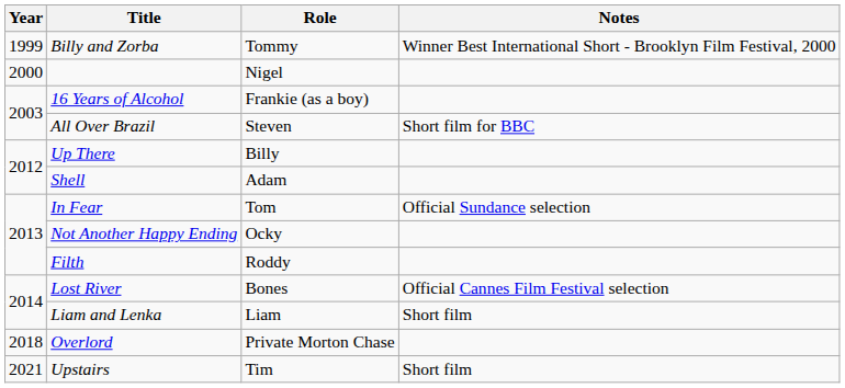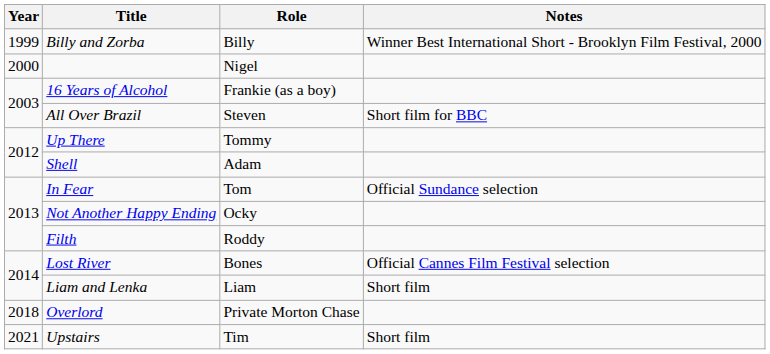 <table class="wikitable">
 <tr>
 <th>Year</th>
 <th>Title</th>
 <th>Role</th>
 <th class="unsortable">Notes</th>
 </tr>
 <tr>
 <td>1999</td>
 <td><em>Billy and Zorba</em></td>
-<td>Tommy</td>
+<td>Billy</td>
 <td Short film for >Winner Best International Short - Brooklyn Film Festival, 2000</td>
 </tr>
 <tr>
 <td>2000</td>
 <td><em></em></td>
 <td>Nigel</td>
 <td></td>
 </tr>
 <tr>
 <td rowspan="2">2003</td>
 <td><em><a href='#'>16 Years of Alcohol</a></em></td>
 <td>Frankie (as a boy)</td>
 <td></td>
 </tr>
 <tr>
 <td><em>All Over Brazil</em></td>
 <td>Steven</td>
 <td>Short film for <a href='#'>BBC</a></td>
 </tr>
 <tr>
 <td rowspan="2">2012</td>
 <td><em><a href='#'>Up There</a></em></td>
-<td>Billy</td>
+<td>Tommy</td>
 <td></td>
 </tr>
 <tr>
 <td><em><a href='#'>Shell</a></em></td>
 <td>Adam</td>
 <td></td>
 </tr>
 <tr>
 <td rowspan="3">2013</td>
 <td><em><a href='#'>In Fear</a></em></td>
 <td>Tom</td>
 <td>Official <a href='#'>Sundance</a> selection</td>
 </tr>
 <tr>
 <td><em><a href='#'>Not Another Happy Ending</a></em></td>
 <td>Ocky</td>
 <td></td>
 </tr>
 <tr>
 <td><em><a href='#'>Filth</a></em></td>
 <td>Roddy</td>
 <td></td>
 </tr>
 <tr>
 <td rowspan="2">2014</td>
 <td><em><a href='#'>Lost River</a></em></td>
 <td>Bones</td>
 <td>Official <a href='#'>Cannes Film Festival</a> selection</td>
 </tr>
 <tr>
 <td><em>Liam and Lenka</em></td>
 <td>Liam</td>
 <td>Short film</td>
 </tr>
 <tr>
 <td>2018</td>
 <td><em><a href='#'>Overlord</a></em></td>
 <td>Private Morton Chase</td>
 <td></td>
 </tr>
 <tr>
 <td>2021</td>
 <td><em>Upstairs</em></td>
 <td>Tim</td>
 <td>Short film</td>
 </tr>
 </table>
